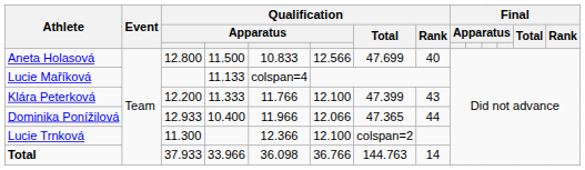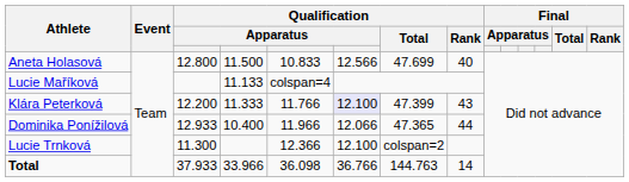 <table class="wikitable" style="font-size:90%">
 <tr>
 <th rowspan=3>Athlete</th>
 <th rowspan=3>Event</th>
 <th colspan=6>Qualification</th>
 <th colspan=6>Final</th>
 </tr>
 <tr style="font-size:95%">
 <th colspan=4>Apparatus</th>
 <th rowspan=2>Total</th>
 <th rowspan=2>Rank</th>
 <th colspan=4>Apparatus</th>
 <th rowspan=2>Total</th>
 <th rowspan=2>Rank</th>
 </tr>
 <tr style="font-size:95%">
 <th></th>
 <th></th>
 <th></th>
 <th></th>
 <th></th>
 <th></th>
 <th></th>
 <th></th>
 </tr>
 <tr align=center>
 <td align=left><a href='#'>Aneta Holasová</a></td>
 <td align=left rowspan=6>Team</td>
 <td>12.800</td>
 <td>11.500</td>
 <td>10.833</td>
 <td>12.566</td>
 <td>47.699</td>
 <td>40</td>
 <td rowspan=6 colspan=6>Did not advance</td>
 </tr>
 <tr align=center>
 <td align=left><a href='#'>Lucie Maříková</a></td>
 <td></td>
 <td>11.133</td>
 <td>colspan=4</td>
 </tr>
 <tr align=center>
 <td align=left><a href='#'>Klára Peterková</a></td>
 <td>12.200</td>
 <td>11.333</td>
 <td>11.766</td>
-<td>12.100</td>
+<td style="background: lavender;">12.100</td>
 <td>47.399</td>
 <td>43</td>
 </tr>
 <tr align=center>
 <td align=left><a href='#'>Dominika Ponížilová</a></td>
 <td>12.933</td>
 <td>10.400</td>
 <td>11.966</td>
 <td>12.066</td>
 <td>47.365</td>
 <td>44</td>
 </tr>
 <tr align=center>
 <td align=left><a href='#'>Lucie Trnková</a></td>
 <td>11.300</td>
 <td></td>
 <td>12.366</td>
 <td>12.100</td>
 <td>colspan=2</td>
 </tr>
 <tr align=center>
 <td align=left><strong>Total</strong></td>
 <td>37.933</td>
 <td>33.966</td>
 <td>36.098</td>
 <td>36.766</td>
 <td>144.763</td>
 <td>14</td>
 </tr>
 </table>
